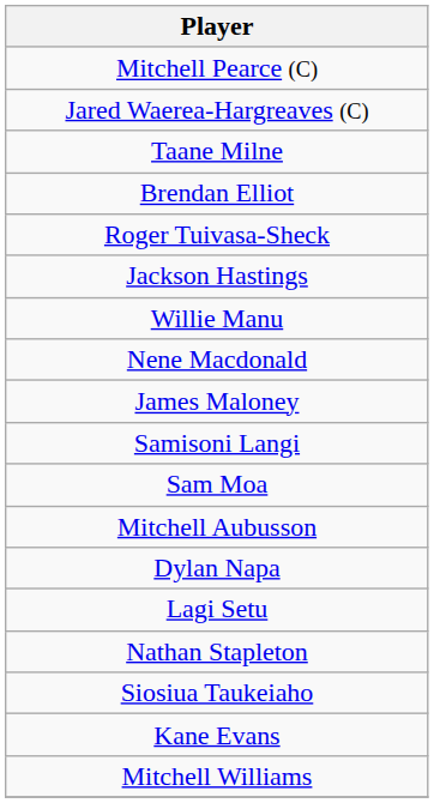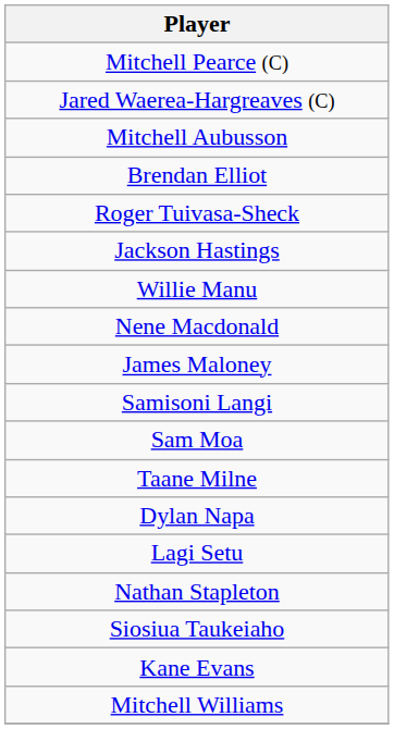 <table class="wikitable" style="text-align: center;">
 <tr>
 <th style="width:250px;">Player</th>
 </tr>
 <tr>
 <td><a href='#'>Mitchell Pearce</a> <small>(C)</small></td>
 </tr>
 <tr>
 <td><a href='#'>Jared Waerea-Hargreaves</a> <small>(C)</small></td>
 </tr>
 <tr>
-<td><a href='#'>Taane Milne</a></td>
+<td><a href='#'>Mitchell Aubusson</a></td>
 </tr>
 <tr>
 <td><a href='#'>Brendan Elliot</a></td>
 </tr>
 <tr>
 <td><a href='#'>Roger Tuivasa-Sheck</a></td>
 </tr>
 <tr>
 <td><a href='#'>Jackson Hastings</a></td>
 </tr>
 <tr>
 <td><a href='#'>Willie Manu</a></td>
 </tr>
 <tr>
 <td><a href='#'>Nene Macdonald</a></td>
 </tr>
 <tr>
 <td><a href='#'>James Maloney</a></td>
 </tr>
 <tr>
 <td><a href='#'>Samisoni Langi</a></td>
 </tr>
 <tr>
 <td><a href='#'>Sam Moa</a></td>
 </tr>
 <tr>
-<td><a href='#'>Mitchell Aubusson</a></td>
+<td><a href='#'>Taane Milne</a></td>
 </tr>
 <tr>
 <td><a href='#'>Dylan Napa</a></td>
 </tr>
 <tr>
 <td><a href='#'>Lagi Setu</a></td>
 </tr>
 <tr>
 <td><a href='#'>Nathan Stapleton</a></td>
 </tr>
 <tr>
 <td><a href='#'>Siosiua Taukeiaho</a></td>
 </tr>
 <tr>
 <td><a href='#'>Kane Evans</a></td>
 </tr>
 <tr>
 <td><a href='#'>Mitchell Williams</a></td>
 </tr>
 <tr>
 </tr>
 </table>
